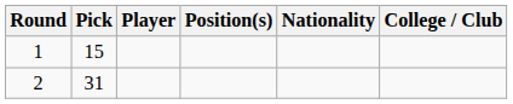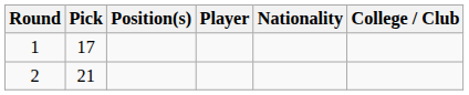 <table class="wikitable sortable sortable">
 <tr>
 <th>Round</th>
 <th>Pick</th>
+<th>Position(s)</th>
 <th>Player</th>
-<th>Position(s)</th>
 <th>Nationality</th>
 <th>College / Club</th>
 </tr>
 <tr style="text-align: center">
 <td>1</td>
-<td>15</td>
+<td>17</td>
 <td></td>
 <td></td>
 <td></td>
 <td></td>
 </tr>
 <tr style="text-align: center">
 <td>2</td>
-<td>31</td>
+<td>21</td>
 <td></td>
 <td></td>
 <td></td>
 <td></td>
 </tr>
 </table>
